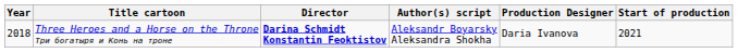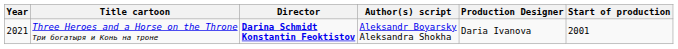 <table class="wikitable sortable">
 <tr>
 <th>Year</th>
 <th>Title cartoon</th>
 <th>Director</th>
 <th>Author(s) script</th>
 <th>Production Designer</th>
 <th>Start of production</th>
 </tr>
 <tr>
-<td>2018</td>
+<td>2021</td>
 <td><em><a href='#'>Three Heroes and a Horse on the Throne</a></em><br><small><em>Три богатыря и Конь на троне</em></small></td>
 <td><strong><a href='#'>Darina Schmidt</a><br><a href='#'>Konstantin Feoktistov</a></strong></td>
 <td><a href='#'>Aleksandr Boyarsky</a><br>Aleksandra Shokha</td>
 <td>Daria Ivanova</td>
-<td>2021</td>
+<td>2001</td>
 </tr>
 </table>
